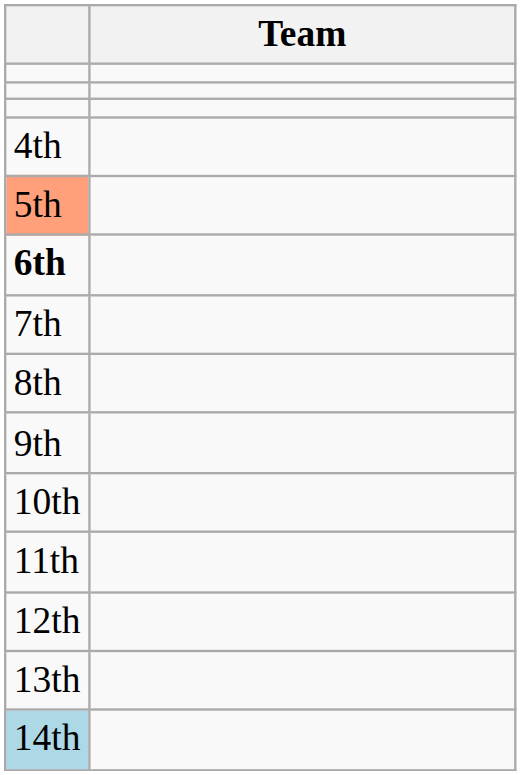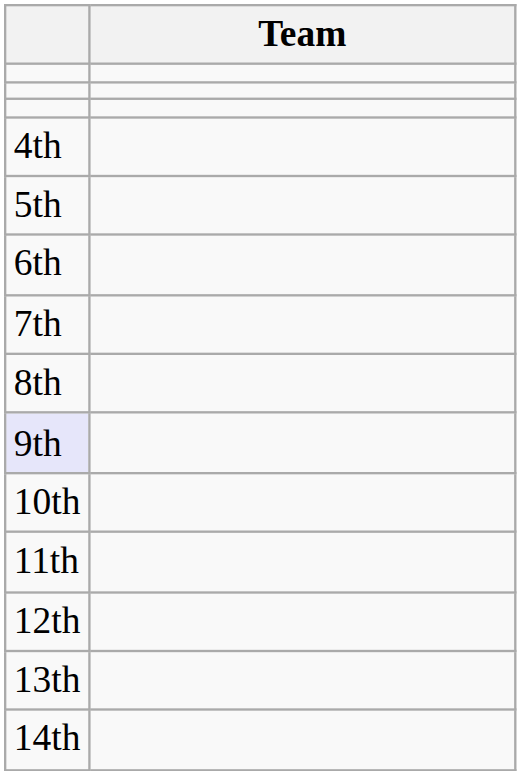 <table class="wikitable">
 <tr>
 <th width=20></th>
 <th width=175>Team</th>
 </tr>
 <tr>
 <td></td>
 <td></td>
 </tr>
 <tr>
 <td></td>
 <td></td>
 </tr>
 <tr>
 <td></td>
 <td></td>
 </tr>
 <tr>
 <td>4th</td>
 <td></td>
 </tr>
 <tr>
-<td style="background: lightsalmon;">5th</td>
+<td>5th</td>
 <td></td>
 </tr>
 <tr>
-<td><strong>6th</strong></td>
+<td>6th</td>
 <td></td>
 </tr>
 <tr>
 <td>7th</td>
 <td></td>
 </tr>
 <tr>
 <td>8th</td>
 <td></td>
 </tr>
 <tr>
-<td>9th</td>
+<td style="background: lavender;">9th</td>
 <td></td>
 </tr>
 <tr>
 <td>10th</td>
 <td></td>
 </tr>
 <tr>
 <td>11th</td>
 <td></td>
 </tr>
 <tr>
 <td>12th</td>
 <td></td>
 </tr>
 <tr>
 <td>13th</td>
 <td></td>
 </tr>
 <tr>
-<td style="background: lightblue;">14th</td>
+<td>14th</td>
 <td></td>
 </tr>
 </table>
